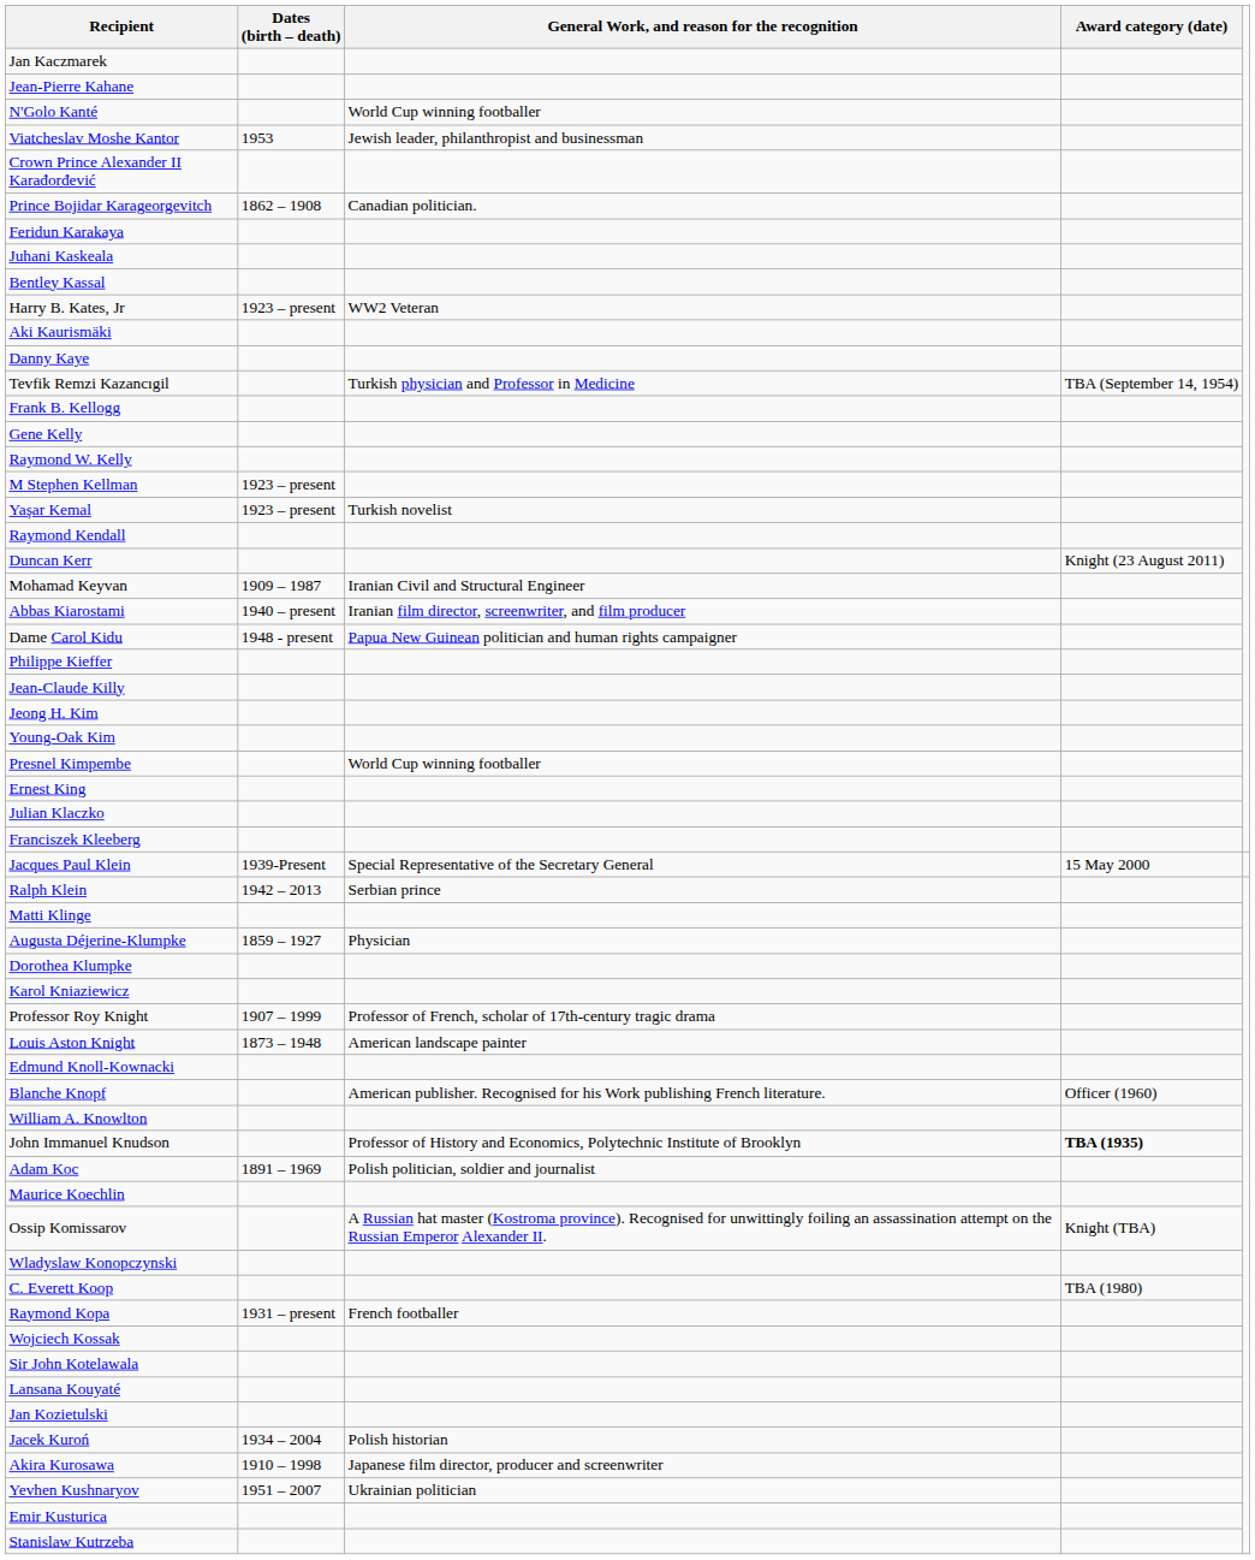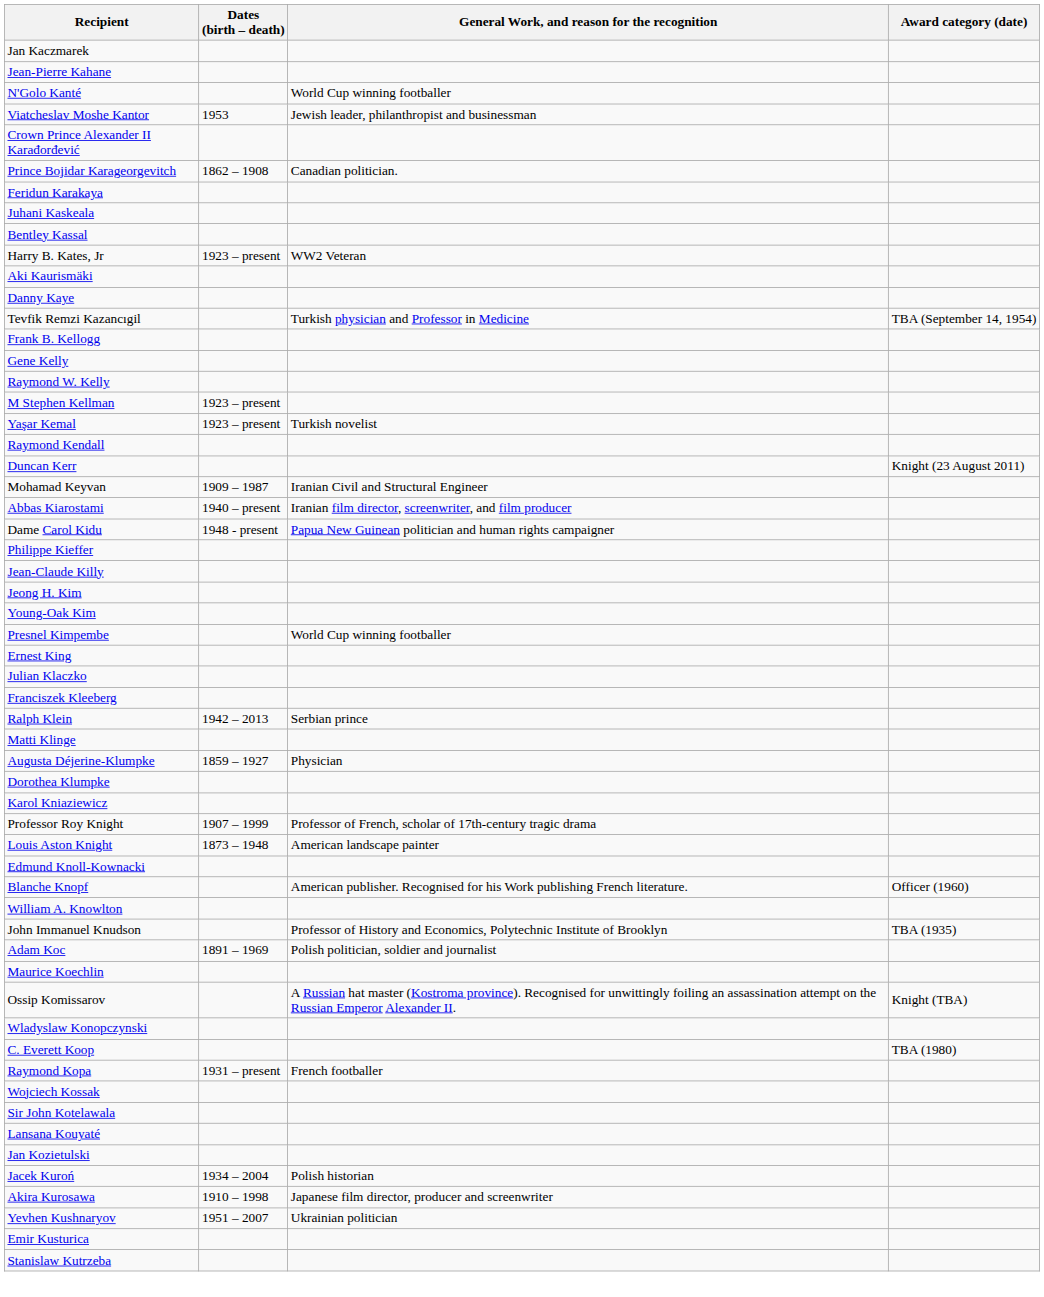 <table class="wikitable sortable static-row-numbers"|>
 <tr>
 <th>Recipient</th>
 <th style="white-space: nowrap;">Dates<br>(birth – death)</th>
 <th>General Work, and reason for the recognition</th>
 <th style="white-space: nowrap">Award category (date)</th>
 </tr>
 <tr>
 <td>Jan Kaczmarek</td>
 <td></td>
 <td></td>
 <td style=“white-space: nowrap; text-align:left”></td>
 </tr>
 <tr>
 <td><a href='#'>Jean-Pierre Kahane</a></td>
 <td></td>
 <td></td>
 <td style=“white-space: nowrap; text-align:left”></td>
 </tr>
 <tr>
 <td><a href='#'>N'Golo Kanté</a></td>
 <td></td>
 <td>World Cup winning footballer</td>
 <td style=“white-space: nowrap; text-align:left”></td>
 </tr>
 <tr>
 <td><a href='#'>Viatcheslav Moshe Kantor</a></td>
 <td>1953</td>
 <td>Jewish leader, philanthropist and businessman</td>
 <td style=“white-space: nowrap; text-align:left”></td>
 </tr>
 <tr>
 <td><a href='#'>Crown Prince Alexander II Karađorđević</a></td>
 <td></td>
 <td></td>
 <td style=“white-space: nowrap; text-align:left”></td>
 </tr>
 <tr>
 <td><a href='#'>Prince Bojidar Karageorgevitch</a></td>
 <td>1862 – 1908</td>
 <td>Canadian politician.</td>
 <td style=“white-space: nowrap; text-align:left”></td>
 </tr>
 <tr>
 <td><a href='#'>Feridun Karakaya</a></td>
 <td></td>
 <td></td>
 <td style=“white-space: nowrap; text-align:left”></td>
 </tr>
 <tr>
 <td><a href='#'>Juhani Kaskeala</a></td>
 <td></td>
 <td></td>
 <td style=“white-space: nowrap; text-align:left”></td>
 </tr>
 <tr>
 <td><a href='#'>Bentley Kassal</a></td>
 <td></td>
 <td></td>
 <td style=“white-space: nowrap; text-align:left”></td>
 </tr>
 <tr>
 <td>Harry B. Kates, Jr</td>
 <td>1923 – present</td>
 <td>WW2 Veteran</td>
 <td style=“white-space: nowrap; text-align:left”></td>
 </tr>
 <tr>
 <td><a href='#'>Aki Kaurismäki</a></td>
 <td></td>
 <td></td>
 <td style=“white-space: nowrap; text-align:left”></td>
 </tr>
 <tr>
 <td><a href='#'>Danny Kaye</a></td>
 <td></td>
 <td></td>
 <td style=“white-space: nowrap; text-align:left”></td>
 </tr>
 <tr>
 <td>Tevfik Remzi Kazancıgil</td>
 <td></td>
 <td>Turkish <a href='#'>physician</a> and <a href='#'>Professor</a> in <a href='#'>Medicine</a></td>
 <td style="white-space: nowrap; text-align:left">TBA (September 14, 1954)</td>
 </tr>
 <tr>
 <td><a href='#'>Frank B. Kellogg</a></td>
 <td></td>
 <td></td>
 <td style=“white-space: nowrap; text-align:left”></td>
 </tr>
 <tr>
 <td><a href='#'>Gene Kelly</a></td>
 <td></td>
 <td></td>
 <td style=“white-space: nowrap; text-align:left”></td>
 </tr>
 <tr>
 <td><a href='#'>Raymond W. Kelly</a></td>
 <td></td>
 <td></td>
 <td style=“white-space: nowrap; text-align:left”></td>
 </tr>
 <tr>
 <td><a href='#'>M Stephen Kellman</a></td>
 <td>1923 – present</td>
 <td></td>
 <td style=“white-space: nowrap; text-align:left”></td>
 </tr>
 <tr>
 <td><a href='#'>Yaşar Kemal</a></td>
 <td>1923 – present</td>
 <td>Turkish novelist</td>
 <td style=“white-space: nowrap; text-align:left”></td>
 </tr>
 <tr>
 <td><a href='#'>Raymond Kendall</a></td>
 <td></td>
 <td></td>
 <td style=“white-space: nowrap; text-align:left”></td>
 </tr>
 <tr>
 <td><a href='#'>Duncan Kerr</a></td>
 <td></td>
 <td></td>
 <td style="white-space: nowrap; text-align:left">Knight (23 August 2011)</td>
 </tr>
 <tr>
 <td>Mohamad Keyvan</td>
 <td>1909 – 1987</td>
 <td>Iranian Civil and Structural Engineer</td>
 <td style=“white-space: nowrap; text-align:left”></td>
 </tr>
 <tr>
 <td><a href='#'>Abbas Kiarostami</a></td>
 <td>1940 – present</td>
 <td>Iranian <a href='#'>film director</a>, <a href='#'>screenwriter</a>, and <a href='#'>film producer</a></td>
 <td style=“white-space: nowrap; text-align:left”></td>
 </tr>
 <tr>
 <td>Dame <a href='#'>Carol Kidu</a></td>
 <td>1948 - present</td>
 <td><a href='#'>Papua New Guinean</a> politician and human rights campaigner</td>
 <td style=“white-space: nowrap; text-align:left”></td>
 </tr>
 <tr>
 <td><a href='#'>Philippe Kieffer</a></td>
 <td></td>
 <td></td>
 <td style=“white-space: nowrap; text-align:left”></td>
 </tr>
 <tr>
 <td><a href='#'>Jean-Claude Killy</a></td>
 <td></td>
 <td></td>
 <td style=“white-space: nowrap; text-align:left”></td>
 </tr>
 <tr>
 <td><a href='#'>Jeong H. Kim</a></td>
 <td></td>
 <td></td>
 <td style=“white-space: nowrap; text-align:left”></td>
 </tr>
 <tr>
 <td><a href='#'>Young-Oak Kim</a></td>
 <td></td>
 <td></td>
 <td style=“white-space: nowrap; text-align:left”></td>
 </tr>
 <tr>
 <td><a href='#'>Presnel Kimpembe</a></td>
 <td></td>
 <td>World Cup winning footballer</td>
 <td style=“white-space: nowrap; text-align:left”></td>
 </tr>
 <tr>
 <td><a href='#'>Ernest King</a></td>
 <td></td>
 <td></td>
 <td style=“white-space: nowrap; text-align:left”></td>
 </tr>
 <tr>
 <td><a href='#'>Julian Klaczko</a></td>
 <td></td>
 <td></td>
 <td style=“white-space: nowrap; text-align:left”></td>
 </tr>
 <tr>
 <td><a href='#'>Franciszek Kleeberg</a></td>
 <td></td>
 <td></td>
 <td style=“white-space: nowrap; text-align:left”></td>
 </tr>
 <tr>
-<td><a href='#'>Jacques Paul Klein</a></td>
-<td>1939-Present</td>
-<td>Special Representative of the Secretary General</td>
-<td>15 May 2000</td>
-<td style=“white-space: nowrap; text-align:left”></td>
-</tr>
-<tr>
 <td><a href='#'>Ralph Klein</a></td>
 <td>1942 – 2013</td>
 <td>Serbian prince</td>
 <td style=“white-space: nowrap; text-align:left”></td>
 </tr>
 <tr>
 <td><a href='#'>Matti Klinge</a></td>
 <td></td>
 <td></td>
 <td style=“white-space: nowrap; text-align:left”></td>
 </tr>
 <tr>
 <td><a href='#'>Augusta Déjerine-Klumpke</a></td>
 <td>1859 – 1927</td>
 <td>Physician</td>
 <td style=“white-space: nowrap; text-align:left”></td>
 </tr>
 <tr>
 <td><a href='#'>Dorothea Klumpke</a></td>
 <td></td>
 <td></td>
 <td style=“white-space: nowrap; text-align:left”></td>
 </tr>
 <tr>
 <td><a href='#'>Karol Kniaziewicz</a></td>
 <td></td>
 <td></td>
 <td style=“white-space: nowrap; text-align:left”></td>
 </tr>
 <tr>
 <td>Professor Roy Knight</td>
 <td>1907 – 1999</td>
 <td>Professor of French, scholar of 17th-century tragic drama</td>
 <td style=“white-space: nowrap; text-align:left”></td>
 </tr>
 <tr>
 <td><a href='#'>Louis Aston Knight</a></td>
 <td>1873 – 1948</td>
 <td>American landscape painter</td>
 <td style=“white-space: nowrap; text-align:left”></td>
 </tr>
 <tr>
 <td><a href='#'>Edmund Knoll-Kownacki</a></td>
 <td></td>
 <td></td>
 <td style=“white-space: nowrap; text-align:left”></td>
 </tr>
 <tr>
 <td><a href='#'>Blanche Knopf</a></td>
 <td></td>
 <td>American publisher. Recognised for his Work publishing French literature.</td>
 <td style="white-space: nowrap; text-align:left">Officer (1960)</td>
 </tr>
 <tr>
 <td><a href='#'>William A. Knowlton</a></td>
 <td></td>
 <td></td>
 <td style=“white-space: nowrap; text-align:left”></td>
 </tr>
 <tr>
 <td>John Immanuel Knudson</td>
 <td></td>
 <td>Professor of History and Economics, Polytechnic Institute of Brooklyn</td>
-<td style="white-space: nowrap; text-align:left"><strong>TBA (1935)</strong></td>
+<td style="white-space: nowrap; text-align:left">TBA (1935)</td>
 </tr>
 <tr>
 <td><a href='#'>Adam Koc</a></td>
 <td>1891 – 1969</td>
 <td>Polish politician, soldier and journalist</td>
 <td style=“white-space: nowrap; text-align:left”></td>
 </tr>
 <tr>
 <td><a href='#'>Maurice Koechlin</a></td>
 <td></td>
 <td></td>
 <td style=“white-space: nowrap; text-align:left”></td>
 </tr>
 <tr>
 <td>Ossip Komissarov</td>
 <td></td>
 <td>A <a href='#'>Russian</a> hat master (<a href='#'>Kostroma province</a>). Recognised for unwittingly foiling an assassination attempt on the <a href='#'>Russian Emperor</a> <a href='#'>Alexander II</a>.</td>
 <td style="white-space: nowrap; text-align:left">Knight (TBA)</td>
 </tr>
 <tr>
 <td><a href='#'>Wladyslaw Konopczynski</a></td>
 <td></td>
 <td></td>
 <td style=“white-space: nowrap; text-align:left”></td>
 </tr>
 <tr>
 <td><a href='#'>C. Everett Koop</a></td>
 <td></td>
 <td></td>
 <td style="white-space: nowrap; text-align:left">TBA (1980)</td>
 </tr>
 <tr>
 <td><a href='#'>Raymond Kopa</a></td>
 <td>1931 – present</td>
 <td>French footballer</td>
 <td style=“white-space: nowrap; text-align:left”></td>
 </tr>
 <tr>
 <td><a href='#'>Wojciech Kossak</a></td>
 <td></td>
 <td></td>
 <td style=“white-space: nowrap; text-align:left”></td>
 </tr>
 <tr>
 <td><a href='#'>Sir John Kotelawala</a></td>
 <td></td>
 <td></td>
 <td style=“white-space: nowrap; text-align:left”></td>
 </tr>
 <tr>
 <td><a href='#'>Lansana Kouyaté</a></td>
 <td></td>
 <td></td>
 <td style=“white-space: nowrap; text-align:left”></td>
 </tr>
 <tr>
 <td><a href='#'>Jan Kozietulski</a></td>
 <td></td>
 <td></td>
 <td style=“white-space: nowrap; text-align:left”></td>
 </tr>
 <tr>
 <td><a href='#'>Jacek Kuroń</a></td>
 <td>1934 – 2004</td>
 <td>Polish historian</td>
 <td style=“white-space: nowrap; text-align:left”></td>
 </tr>
 <tr>
 <td><a href='#'>Akira Kurosawa</a></td>
 <td>1910 – 1998</td>
 <td>Japanese film director, producer and screenwriter</td>
 <td style=“white-space: nowrap; text-align:left”></td>
 </tr>
 <tr>
 <td><a href='#'>Yevhen Kushnaryov</a></td>
 <td>1951 – 2007</td>
 <td>Ukrainian politician</td>
 <td style=“white-space: nowrap; text-align:left”></td>
 </tr>
 <tr>
 <td><a href='#'>Emir Kusturica</a></td>
 <td></td>
 <td></td>
 <td style=“white-space: nowrap; text-align:left”></td>
 </tr>
 <tr>
 <td><a href='#'>Stanislaw Kutrzeba</a></td>
 <td></td>
 <td></td>
 <td style=“white-space: nowrap; text-align:left”></td>
 </tr>
 </table>
